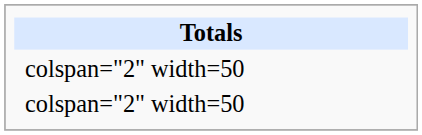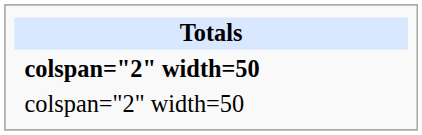 <table class="infobox" style="width: 245px; align:left; text-align: left; font-size: 90%; vertical-align: middle;">
 <tr bgcolor=#D9E8FF style="text-align:center;">
 </tr>
 <tr style="background-color:#d9e8ff">
 <td colspan="3" style="text-align:center;"><strong>Totals</strong></td>
 </tr>
 <tr>
 <td></td>
-<td>colspan="2" width=50 </td>
+<td><strong>colspan="2" width=50 </strong></td>
 </tr>
 <tr>
 <td></td>
 <td>colspan="2" width=50 </td>
 </tr>
 </table>
